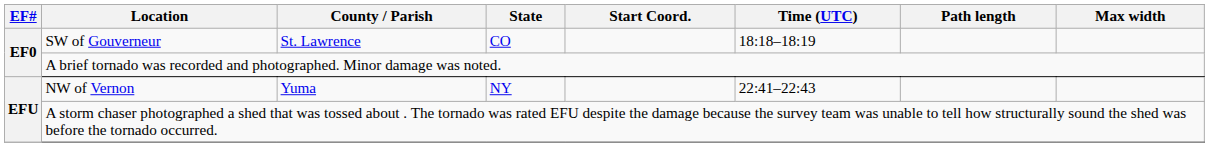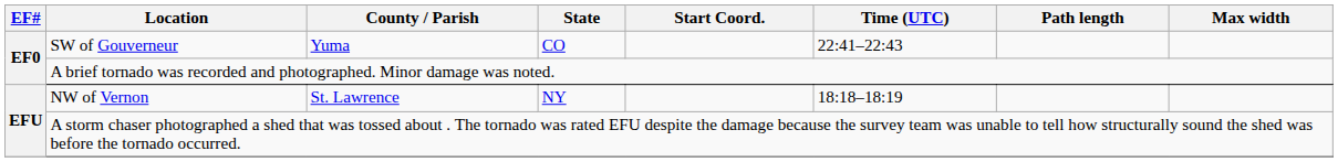 <table class="wikitable sortable" style="width:100%;">
 <tr>
 <th scope="col" width="2%" align="center"><a href='#'>EF#</a></th>
 <th scope="col" align="center" class="unsortable">Location</th>
 <th scope="col" align="center" class="unsortable">County / Parish</th>
 <th scope="col" align="center">State</th>
 <th scope="col" align="center">Start Coord.</th>
 <th scope="col" align="center">Time (<a href='#'>UTC</a>)</th>
 <th scope="col" align="center">Path length</th>
 <th scope="col" align="center">Max width</th>
 </tr>
 <tr>
 <th scope="row" rowspan="2" style="background-color:#">EF0</th>
 <td>SW of <a href='#'>Gouverneur</a></td>
-<td><a href='#'>St. Lawrence</a></td>
+<td><a href='#'>Yuma</a></td>
 <td><a href='#'>CO</a></td>
 <td></td>
-<td>18:18–18:19</td>
+<td>22:41–22:43</td>
 <td></td>
 <td></td>
 </tr>
 <tr class="expand-child">
 <td colspan="8" style=" border-bottom: 1px solid black;">A brief tornado was recorded and photographed. Minor damage was noted.</td>
 </tr>
 <tr>
 <th scope="row" rowspan="2" style="background-color:#">EFU</th>
 <td>NW of <a href='#'>Vernon</a></td>
-<td><a href='#'>Yuma</a></td>
+<td><a href='#'>St. Lawrence</a></td>
 <td><a href='#'>NY</a></td>
 <td></td>
-<td>22:41–22:43</td>
+<td>18:18–18:19</td>
 <td></td>
 <td></td>
 </tr>
 <tr class="expand-child">
 <td colspan="8" style=" border-bottom: 1px solid black;">A storm chaser photographed a shed that was tossed about . The tornado was rated EFU despite the damage because the survey team was unable to tell how structurally sound the shed was before the tornado occurred.</td>
 </tr>
 <tr>
 </tr>
 </table>
